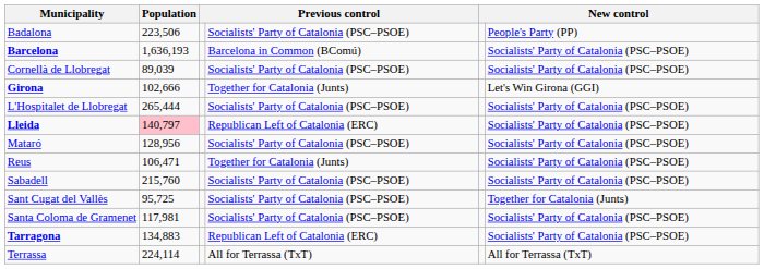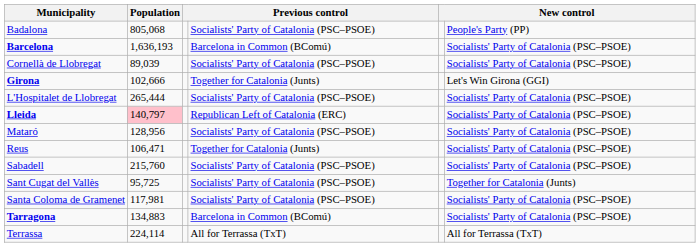 <table class="wikitable sortable">
 <tr>
 <th>Municipality</th>
 <th>Population</th>
 <th colspan="2" style="width:375px;">Previous control</th>
 <th colspan="2" style="width:375px;">New control</th>
 </tr>
 <tr>
 <td><a href='#'>Badalona</a></td>
-<td>223,506</td>
+<td>805,068</td>
 <td width="1" style="color:inherit;background:"></td>
 <td><a href='#'>Socialists' Party of Catalonia</a> (PSC–PSOE)</td>
 <td width="1" style="color:inherit;background:"></td>
 <td><a href='#'>People's Party</a> (PP)</td>
 </tr>
 <tr>
 <td><strong><a href='#'>Barcelona</a></strong></td>
 <td>1,636,193</td>
 <td style="color:inherit;background:"></td>
 <td><a href='#'>Barcelona in Common</a> (BComú)</td>
 <td style="color:inherit;background:"></td>
 <td><a href='#'>Socialists' Party of Catalonia</a> (PSC–PSOE)</td>
 </tr>
 <tr>
 <td><a href='#'>Cornellà de Llobregat</a></td>
 <td>89,039</td>
 <td style="color:inherit;background:"></td>
 <td><a href='#'>Socialists' Party of Catalonia</a> (PSC–PSOE)</td>
 <td style="color:inherit;background:"></td>
 <td><a href='#'>Socialists' Party of Catalonia</a> (PSC–PSOE)</td>
 </tr>
 <tr>
 <td><strong><a href='#'>Girona</a></strong></td>
 <td>102,666</td>
 <td style="color:inherit;background:"></td>
 <td><a href='#'>Together for Catalonia</a> (Junts)</td>
 <td style="color:inherit;background:"></td>
 <td>Let's Win Girona (GGI)</td>
 </tr>
 <tr>
 <td><a href='#'>L'Hospitalet de Llobregat</a></td>
 <td>265,444</td>
 <td style="color:inherit;background:"></td>
 <td><a href='#'>Socialists' Party of Catalonia</a> (PSC–PSOE)</td>
 <td style="color:inherit;background:"></td>
 <td><a href='#'>Socialists' Party of Catalonia</a> (PSC–PSOE)</td>
 </tr>
 <tr>
 <td><strong><a href='#'>Lleida</a></strong></td>
 <td style="background: pink;">140,797</td>
 <td style="color:inherit;background:"></td>
 <td><a href='#'>Republican Left of Catalonia</a> (ERC)</td>
 <td style="color:inherit;background:"></td>
 <td><a href='#'>Socialists' Party of Catalonia</a> (PSC–PSOE)</td>
 </tr>
 <tr>
 <td><a href='#'>Mataró</a></td>
 <td>128,956</td>
 <td style="color:inherit;background:"></td>
 <td><a href='#'>Socialists' Party of Catalonia</a> (PSC–PSOE)</td>
 <td style="color:inherit;background:"></td>
 <td><a href='#'>Socialists' Party of Catalonia</a> (PSC–PSOE)</td>
 </tr>
 <tr>
 <td><a href='#'>Reus</a></td>
 <td>106,471</td>
 <td style="color:inherit;background:"></td>
 <td><a href='#'>Together for Catalonia</a> (Junts)</td>
 <td style="color:inherit;background:"></td>
 <td><a href='#'>Socialists' Party of Catalonia</a> (PSC–PSOE)</td>
 </tr>
 <tr>
 <td><a href='#'>Sabadell</a></td>
 <td>215,760</td>
 <td style="color:inherit;background:"></td>
 <td><a href='#'>Socialists' Party of Catalonia</a> (PSC–PSOE)</td>
 <td style="color:inherit;background:"></td>
 <td><a href='#'>Socialists' Party of Catalonia</a> (PSC–PSOE)</td>
 </tr>
 <tr>
 <td><a href='#'>Sant Cugat del Vallès</a></td>
 <td>95,725</td>
 <td style="color:inherit;background:"></td>
 <td><a href='#'>Socialists' Party of Catalonia</a> (PSC–PSOE)</td>
 <td style="color:inherit;background:"></td>
 <td><a href='#'>Together for Catalonia</a> (Junts)</td>
 </tr>
 <tr>
 <td><a href='#'>Santa Coloma de Gramenet</a></td>
 <td>117,981</td>
 <td style="color:inherit;background:"></td>
 <td><a href='#'>Socialists' Party of Catalonia</a> (PSC–PSOE)</td>
 <td style="color:inherit;background:"></td>
 <td><a href='#'>Socialists' Party of Catalonia</a> (PSC–PSOE)</td>
 </tr>
 <tr>
 <td><strong><a href='#'>Tarragona</a></strong></td>
 <td>134,883</td>
 <td style="color:inherit;background:"></td>
-<td><a href='#'>Republican Left of Catalonia</a> (ERC)</td>
+<td><a href='#'>Barcelona in Common</a> (BComú)</td>
 <td style="color:inherit;background:"></td>
 <td><a href='#'>Socialists' Party of Catalonia</a> (PSC–PSOE)</td>
 </tr>
 <tr>
 <td><a href='#'>Terrassa</a></td>
 <td>224,114</td>
 <td style="color:inherit;background:"></td>
 <td>All for Terrassa (TxT)</td>
 <td style="color:inherit;background:"></td>
 <td>All for Terrassa (TxT)</td>
 </tr>
 </table>
